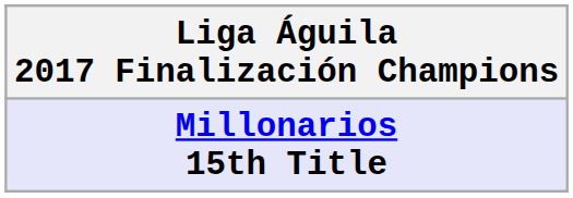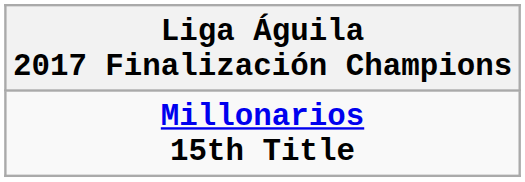 <table class="wikitable" style="text-align: center; margin: 0 auto;">
 <tr>
 <th>Liga Águila<br>2017 Finalización Champions</th>
 </tr>
 <tr>
-<td style="background: lavender;"><strong><a href='#'>Millonarios</a></strong><br><strong>15th Title</strong></td>
+<td><strong><a href='#'>Millonarios</a></strong><br><strong>15th Title</strong></td>
 </tr>
 </table>
